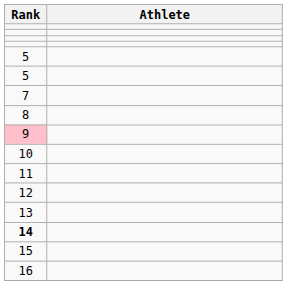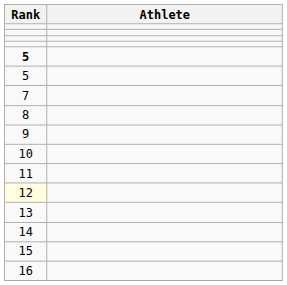 <table class="wikitable" style="text-align: center;">
 <tr>
 <th width=40>Rank</th>
 <th width=250>Athlete</th>
 </tr>
 <tr>
 <td></td>
 <td align="left"></td>
 </tr>
 <tr>
 <td></td>
 <td align="left"></td>
 </tr>
 <tr>
 <td></td>
 <td align="left"></td>
 </tr>
 <tr>
 <td></td>
 <td align="left"></td>
 </tr>
 <tr>
-<td>5</td>
+<td><strong>5</strong></td>
 <td align="left"></td>
 </tr>
 <tr>
 <td>5</td>
 <td align="left"></td>
 </tr>
 <tr>
 <td>7</td>
 <td align="left"></td>
 </tr>
 <tr>
 <td>8</td>
 <td align="left"></td>
 </tr>
 <tr>
-<td style="background: pink;">9</td>
+<td>9</td>
 <td align="left"></td>
 </tr>
 <tr>
 <td>10</td>
 <td align="left"></td>
 </tr>
 <tr>
 <td>11</td>
 <td align="left"></td>
 </tr>
 <tr>
-<td>12</td>
+<td style="background: lightyellow;">12</td>
 <td align="left"></td>
 </tr>
 <tr>
 <td>13</td>
 <td align="left"></td>
 </tr>
 <tr>
-<td><strong>14</strong></td>
+<td>14</td>
 <td align="left"></td>
 </tr>
 <tr>
 <td>15</td>
 <td align="left"></td>
 </tr>
 <tr>
 <td>16</td>
 <td align="left"></td>
 </tr>
 <tr>
 </tr>
 </table>
